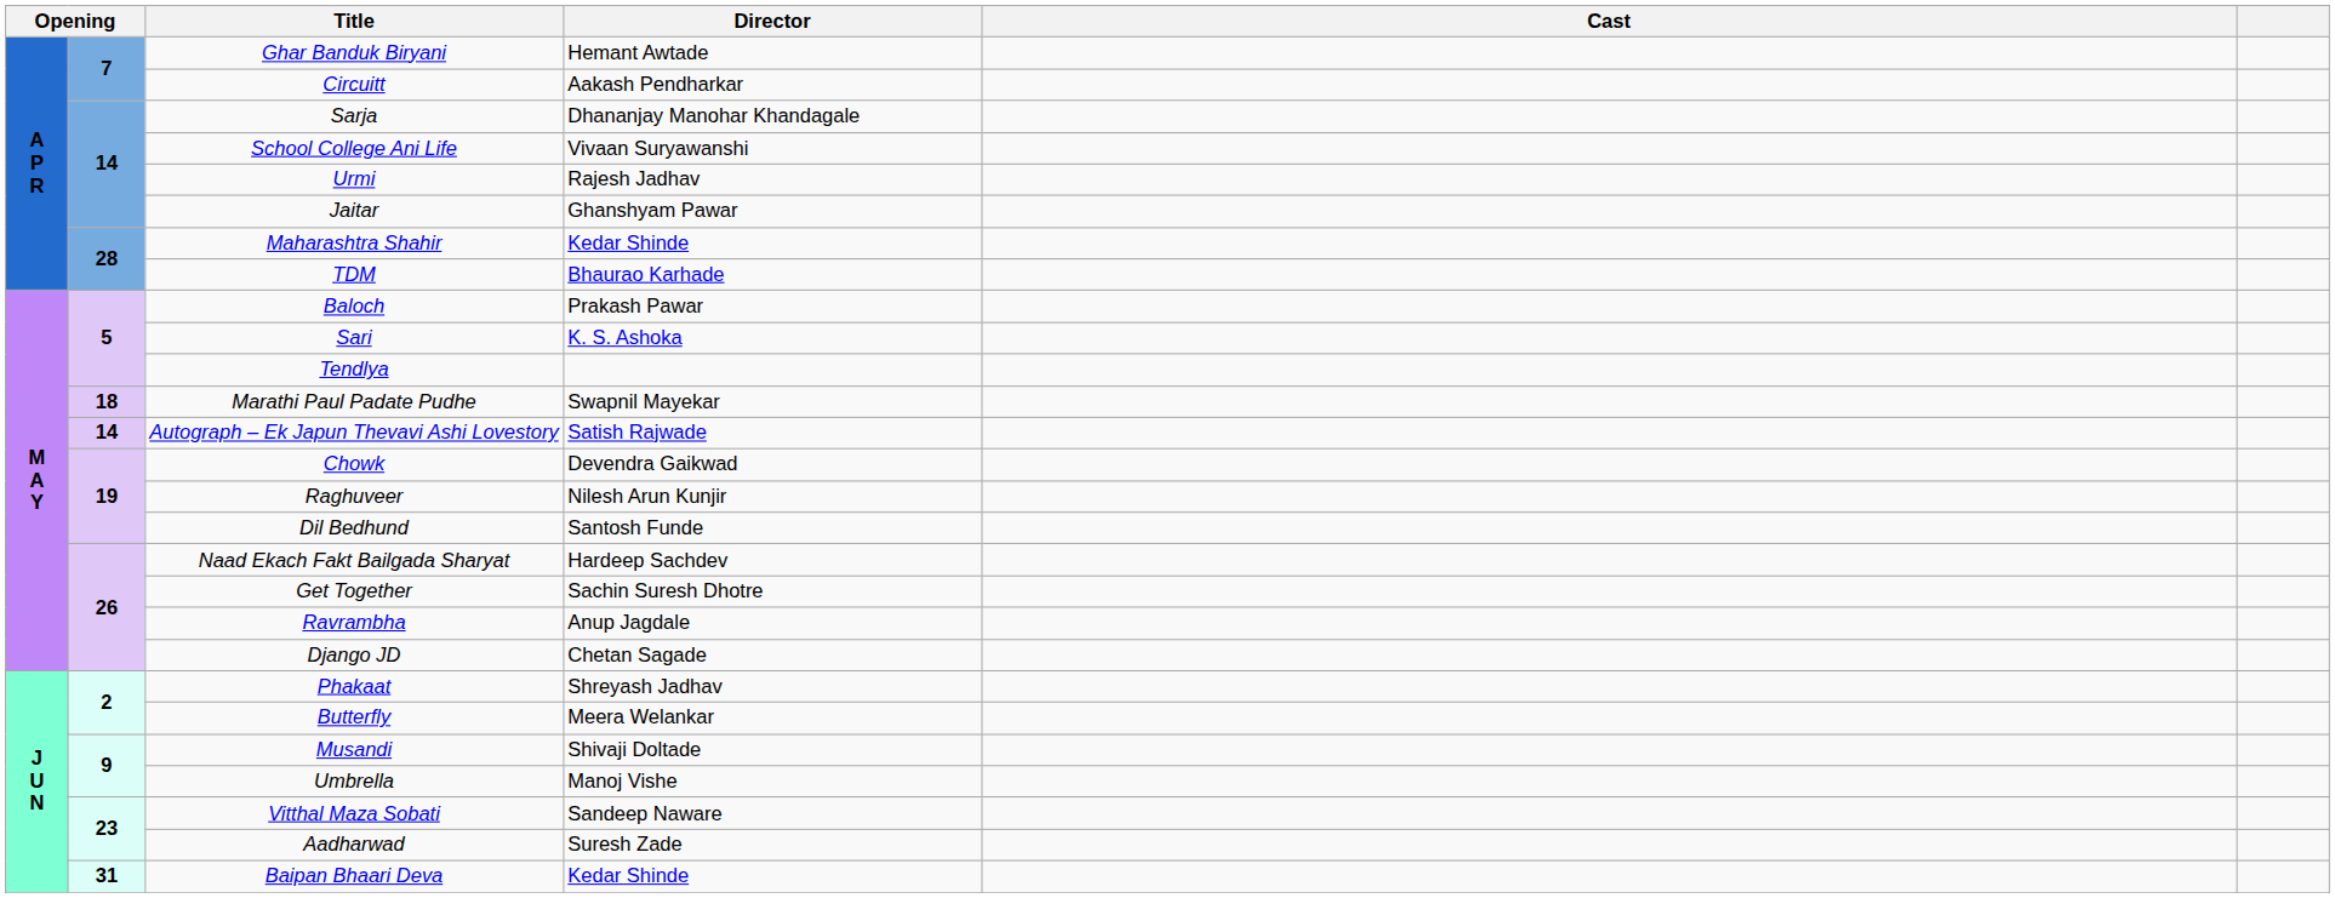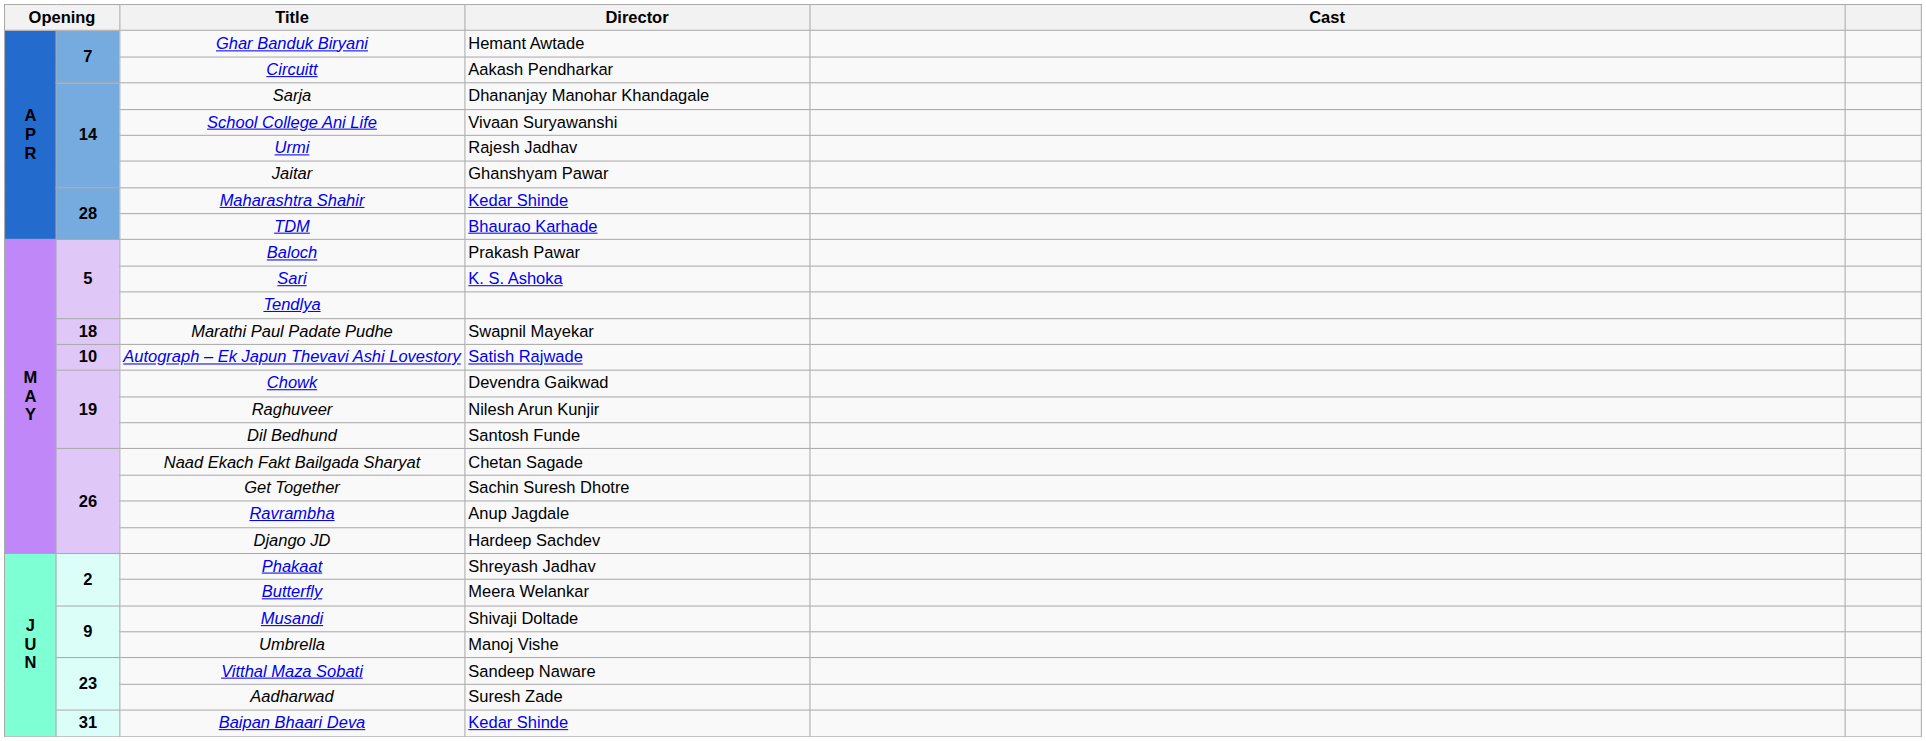 <table class="wikitable sortable">
 <tr>
 <th colspan="2" style="width:6%">Opening</th>
 <th style="width:18%">Title</th>
 <th style="width:18%">Director</th>
 <th>Cast</th>
 <th style="width:4%;"></th>
 </tr>
 <tr>
 <th rowspan="8" style="text-align:center; background:#246BCE; textcolor:#000;">A<br>P<br>R</th>
 <td rowspan="2" style="text-align:center; background:#76ABDF;textcolor:#000;"><strong>7</strong></td>
 <td style="text-align:center"><em><a href='#'>Ghar Banduk Biryani</a></em></td>
 <td>Hemant Awtade</td>
 <td></td>
 <td style="text-align:center"></td>
 </tr>
 <tr>
 <td style="text-align:center"><em><a href='#'>Circuitt</a></em></td>
 <td>Aakash Pendharkar</td>
 <td></td>
 <td style="text-align:center"></td>
 </tr>
 <tr>
 <td rowspan="4" style="text-align:center; background:#76ABDF"><strong>14</strong></td>
 <td style="text-align:center"><em>Sarja</em></td>
 <td>Dhananjay Manohar Khandagale</td>
 <td></td>
 <td style="text-align:center"></td>
 </tr>
 <tr>
 <td style="text-align:center"><em><a href='#'>School College Ani Life</a></em></td>
 <td>Vivaan Suryawanshi</td>
 <td></td>
 <td style="text-align:center"></td>
 </tr>
 <tr>
 <td style="text-align:center"><em><a href='#'>Urmi</a></em></td>
 <td>Rajesh Jadhav</td>
 <td></td>
 <td style="text-align:center"></td>
 </tr>
 <tr>
 <td style="text-align:center"><em>Jaitar</em></td>
 <td>Ghanshyam Pawar</td>
 <td></td>
 <td style="text-align:center"></td>
 </tr>
 <tr>
 <td rowspan="2" style="text-align:center; background:#76ABDF"><strong>28</strong></td>
 <td style="text-align:center"><em><a href='#'>Maharashtra Shahir</a></em></td>
 <td><a href='#'>Kedar Shinde</a></td>
 <td></td>
 <td style="text-align:center"></td>
 </tr>
 <tr>
 <td style="text-align:center"><a href='#'><em>TDM</em></a></td>
 <td><a href='#'>Bhaurao Karhade</a></td>
 <td></td>
 <td style="text-align:center"></td>
 </tr>
 <tr>
 <th rowspan="12" style="text-align:center; background:#bf87f7; textcolor:#000;">M<br>A<br>Y</th>
 <td rowspan="3" style="text-align:center; background:#dfc7f7"><strong>5</strong></td>
 <td style="text-align:center"><em><a href='#'>Baloch</a></em></td>
 <td>Prakash Pawar</td>
 <td></td>
 <td style="text-align:center"></td>
 </tr>
 <tr>
 <td style="text-align:center"><em><a href='#'>Sari</a></em></td>
 <td><a href='#'>K. S. Ashoka</a></td>
 <td></td>
 <td style="text-align:center"></td>
 </tr>
 <tr>
 <td style="text-align:center"><em><a href='#'>Tendlya</a></em></td>
 <td></td>
 <td></td>
 <td style="text-align:center"></td>
 </tr>
 <tr>
 <td rowspan="1" style="text-align:center; background:#dfc7f7"><strong>18</strong></td>
 <td style="text-align:center"><em>Marathi Paul Padate Pudhe</em></td>
 <td>Swapnil Mayekar</td>
 <td></td>
 <td style="text-align:center "></td>
 </tr>
 <tr>
-<td rowspan="1" style="text-align:center; background:#dfc7f7"><strong>14</strong></td>
+<td rowspan="1" style="text-align:center; background:#dfc7f7"><strong>10</strong></td>
 <td style="text-align:center"><em><a href='#'>Autograph – Ek Japun Thevavi Ashi Lovestory</a></em></td>
 <td><a href='#'>Satish Rajwade</a></td>
 <td></td>
 <td style="text-align:center"></td>
 </tr>
 <tr>
 <th rowspan="3" style="text-align:center; background:#dfc7f7"><strong>19</strong></th>
 <td style="text-align:center"><em><a href='#'>Chowk</a></em></td>
 <td>Devendra Gaikwad</td>
 <td></td>
 <td style="text-align:center"></td>
 </tr>
 <tr>
 <td style="text-align:center"><em>Raghuveer</em></td>
 <td>Nilesh Arun Kunjir</td>
 <td></td>
 <td style="text-align:center"></td>
 </tr>
 <tr>
 <td style="text-align:center"><em>Dil Bedhund</em></td>
 <td>Santosh Funde</td>
 <td></td>
 <td style="text-align:center"></td>
 </tr>
 <tr>
 <td rowspan="4" style="text-align:center; background:#dfc7f7;textcolor:#000;"><strong>26</strong></td>
 <td style="text-align:center"><em>Naad Ekach Fakt Bailgada Sharyat</em></td>
-<td>Hardeep Sachdev</td>
+<td>Chetan Sagade</td>
 <td></td>
 <td style="text-align:center"></td>
 </tr>
 <tr>
 <td style="text-align:center"><em>Get Together</em></td>
 <td>Sachin Suresh Dhotre</td>
 <td></td>
 <td style="text-align:center"></td>
 </tr>
 <tr>
 <td style="text-align:center"><em><a href='#'>Ravrambha</a></em></td>
 <td>Anup Jagdale</td>
 <td></td>
 <td style="text-align:center"></td>
 </tr>
 <tr>
 <td style="text-align:center"><em>Django JD</em></td>
-<td>Chetan Sagade</td>
+<td>Hardeep Sachdev</td>
 <td></td>
 <td style="text-align:center"></td>
 </tr>
 <tr>
 <th rowspan="7" style="text-align:center; background:#7FFFD4; textcolor:#000;"><strong>J<br>U<br>N</strong></th>
 <td rowspan="2" style="text-align:center; background:#dbfff8; textcolor:#000;"><strong>2</strong></td>
 <td style="text-align:center"><em><a href='#'>Phakaat</a></em></td>
 <td>Shreyash Jadhav</td>
 <td></td>
 <td style="text-align:center"></td>
 </tr>
 <tr>
 <td style="text-align:center"><em><a href='#'>Butterfly</a></em></td>
 <td>Meera Welankar</td>
 <td></td>
 <td style="text-align:center"></td>
 </tr>
 <tr>
 <td rowspan="2" style="text-align:center; background:#dbfff8; textcolor:#000;"><strong>9</strong></td>
 <td style="text-align:center"><em><a href='#'>Musandi</a></em></td>
 <td>Shivaji Doltade</td>
 <td></td>
 <td style="text-align:center"></td>
 </tr>
 <tr>
 <td style="text-align:center"><em>Umbrella</em></td>
 <td>Manoj Vishe</td>
 <td></td>
 <td style="text-align:center"></td>
 </tr>
 <tr>
 <th rowspan="2" style="text-align:center; background:#dbfff8; textcolor:#000;"><strong>23</strong></th>
 <td style="text-align:center"><em><a href='#'>Vitthal Maza Sobati</a></em></td>
 <td>Sandeep Naware</td>
 <td></td>
 <td style="text-align:center"></td>
 </tr>
 <tr>
 <td style="text-align:center"><em>Aadharwad</em></td>
 <td>Suresh Zade</td>
 <td></td>
 <td style="text-align:center"></td>
 </tr>
 <tr>
 <th rowspan="1" style="text-align:center; background:#dbfff8; textcolor:#000;"><strong>31</strong></th>
 <td style="text-align:center"><em><a href='#'>Baipan Bhaari Deva</a></em></td>
 <td><a href='#'>Kedar Shinde</a></td>
 <td></td>
 <td style="text-align:center"></td>
 </tr>
 </table>
